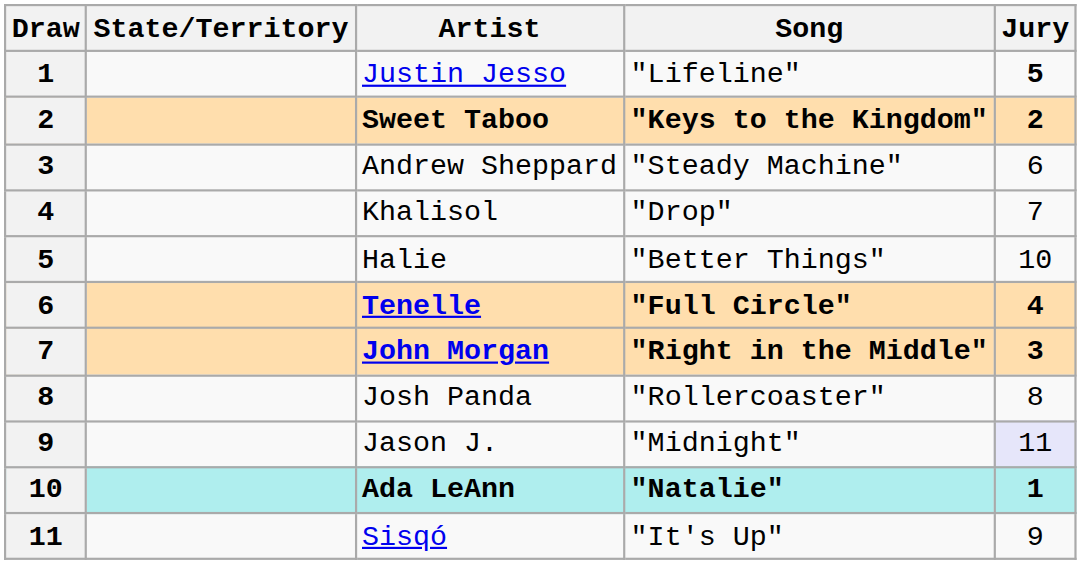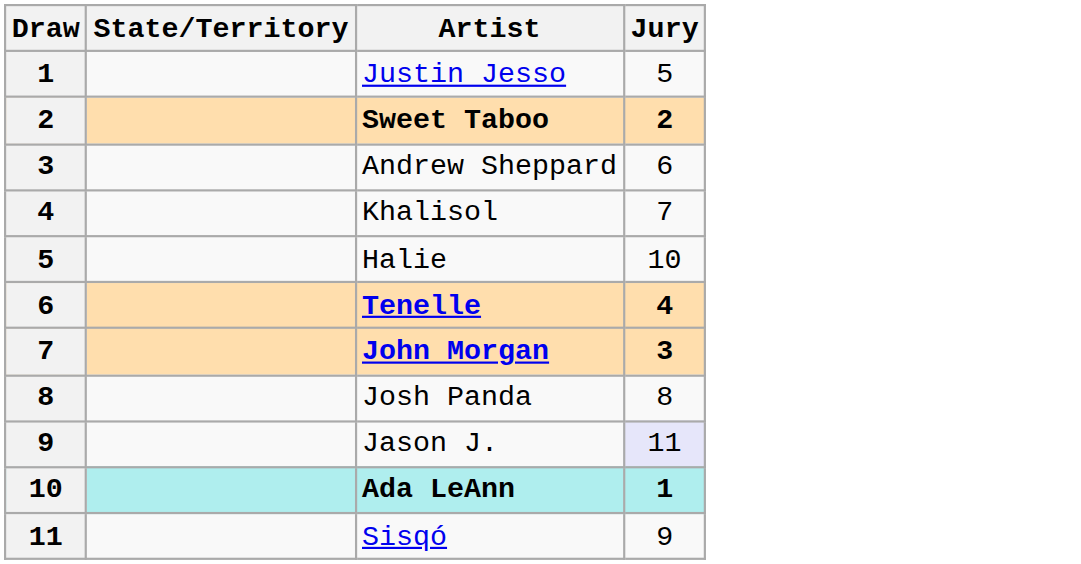 <table class="wikitable sortable plainrowheaders">
 <tr>
 <th scope="col">Draw</th>
 <th scope="col">State/Territory</th>
 <th scope="col">Artist</th>
-<th scope="col">Song</th>
 <th scope="col">Jury</th>
 </tr>
 <tr>
 <th scope="row" style="text-align:center">1</th>
 <td></td>
 <td><a href='#'>Justin Jesso</a></td>
-<td>"Lifeline"</td>
-<td align="center"><strong>5</strong></td>
+<td align="center">5</td>
 </tr>
 <tr style="font-weight:bold; background:navajowhite;">
 <th scope="row" style="text-align:center">2</th>
 <td></td>
 <td>Sweet Taboo</td>
-<td>"Keys to the Kingdom"</td>
 <td align="center">2</td>
 </tr>
 <tr>
 <th scope="row" style="text-align:center">3</th>
 <td></td>
 <td>Andrew Sheppard</td>
-<td>"Steady Machine"</td>
 <td align="center">6</td>
 </tr>
 <tr>
 <th scope="row" style="text-align:center">4</th>
 <td></td>
 <td>Khalisol</td>
-<td>"Drop"</td>
 <td align="center">7</td>
 </tr>
 <tr>
 <th scope="row" style="text-align:center">5</th>
 <td></td>
 <td>Halie</td>
-<td>"Better Things"</td>
 <td align="center">10</td>
 </tr>
 <tr style="font-weight:bold; background:navajowhite;">
 <th scope="row" style="text-align:center">6</th>
 <td></td>
 <td><a href='#'>Tenelle</a></td>
-<td>"Full Circle"</td>
 <td align="center">4</td>
 </tr>
 <tr style="font-weight:bold; background:navajowhite;">
 <th scope="row" style="text-align:center">7</th>
 <td></td>
 <td><a href='#'>John Morgan</a></td>
-<td>"Right in the Middle"</td>
 <td align="center">3</td>
 </tr>
 <tr>
 <th scope="row" style="text-align:center">8</th>
 <td></td>
 <td>Josh Panda</td>
-<td>"Rollercoaster"</td>
 <td align="center">8</td>
 </tr>
 <tr>
 <th scope="row" style="text-align:center">9</th>
 <td></td>
 <td>Jason J.</td>
-<td>"Midnight"</td>
 <td align="center" style="background: lavender;">11</td>
 </tr>
 <tr style="font-weight:bold; background:paleturquoise">
 <th scope="row" style="text-align:center">10</th>
 <td></td>
 <td>Ada LeAnn</td>
-<td>"Natalie"</td>
 <td align="center">1</td>
 </tr>
 <tr>
 <th scope="row" style="text-align:center">11</th>
 <td></td>
 <td><a href='#'>Sisqó</a></td>
-<td>"It's Up"</td>
 <td align="center">9</td>
 </tr>
 </table>
